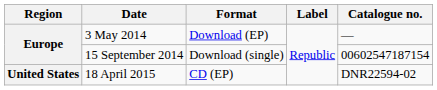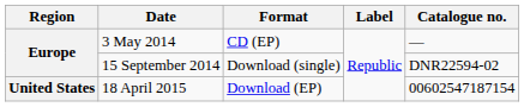 <table class="wikitable plainrowheaders">
 <tr>
 <th scope="col">Region</th>
 <th scope="col">Date</th>
 <th scope="col">Format</th>
 <th scope="col">Label</th>
 <th scope="col">Catalogue no.</th>
 </tr>
 <tr>
 <th scope="row" rowspan="2">Europe</th>
 <td>3 May 2014</td>
-<td><a href='#'>Download</a> (EP)</td>
+<td><a href='#'>CD</a> (EP)</td>
 <td rowspan="3"><a href='#'>Republic</a></td>
 <td>—</td>
 </tr>
 <tr>
 <td>15 September 2014</td>
 <td>Download (single)</td>
-<td>00602547187154</td>
+<td>DNR22594-02</td>
 </tr>
 <tr>
 <th scope="row">United States</th>
 <td>18 April 2015</td>
-<td><a href='#'>CD</a> (EP)</td>
-<td>DNR22594-02</td>
+<td><a href='#'>Download</a> (EP)</td>
+<td>00602547187154</td>
 </tr>
 </table>
